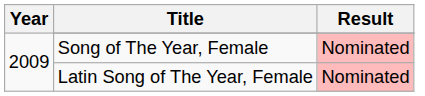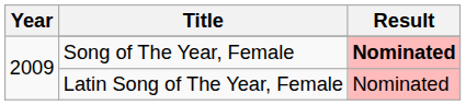 <table class="wikitable">
 <tr>
 <th>Year</th>
 <th>Title</th>
 <th>Result</th>
 </tr>
 <tr>
 <td rowspan="4">2009</td>
 </tr>
 <tr>
 <td>Song of The Year, Female</td>
-<td style="background:#fbb;">Nominated</td>
+<td style="background:#fbb;"><strong>Nominated</strong></td>
 </tr>
 <tr>
 <td>Latin Song of The Year, Female</td>
 <td style="background:#fbb;">Nominated</td>
 </tr>
 </table>
